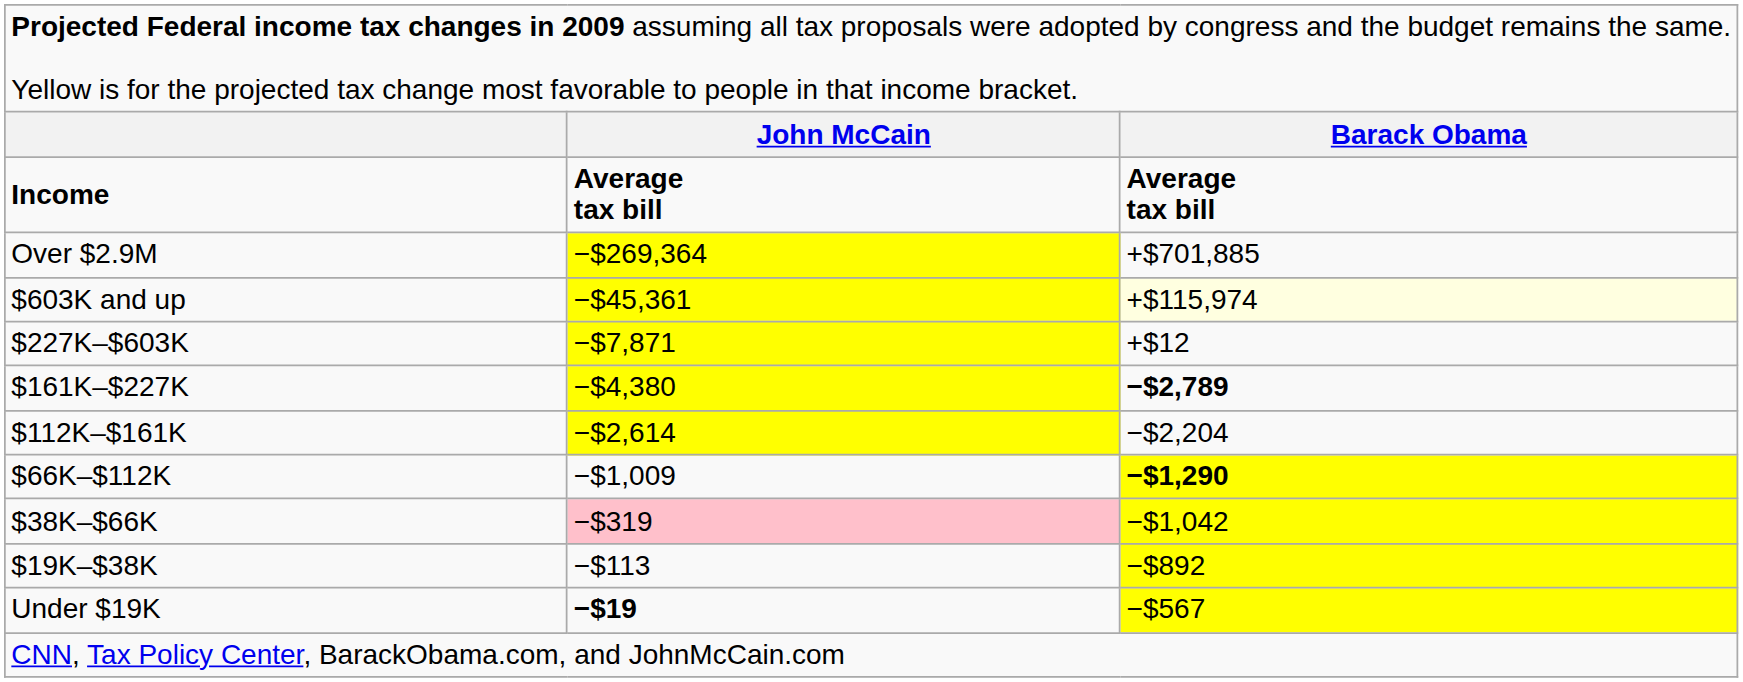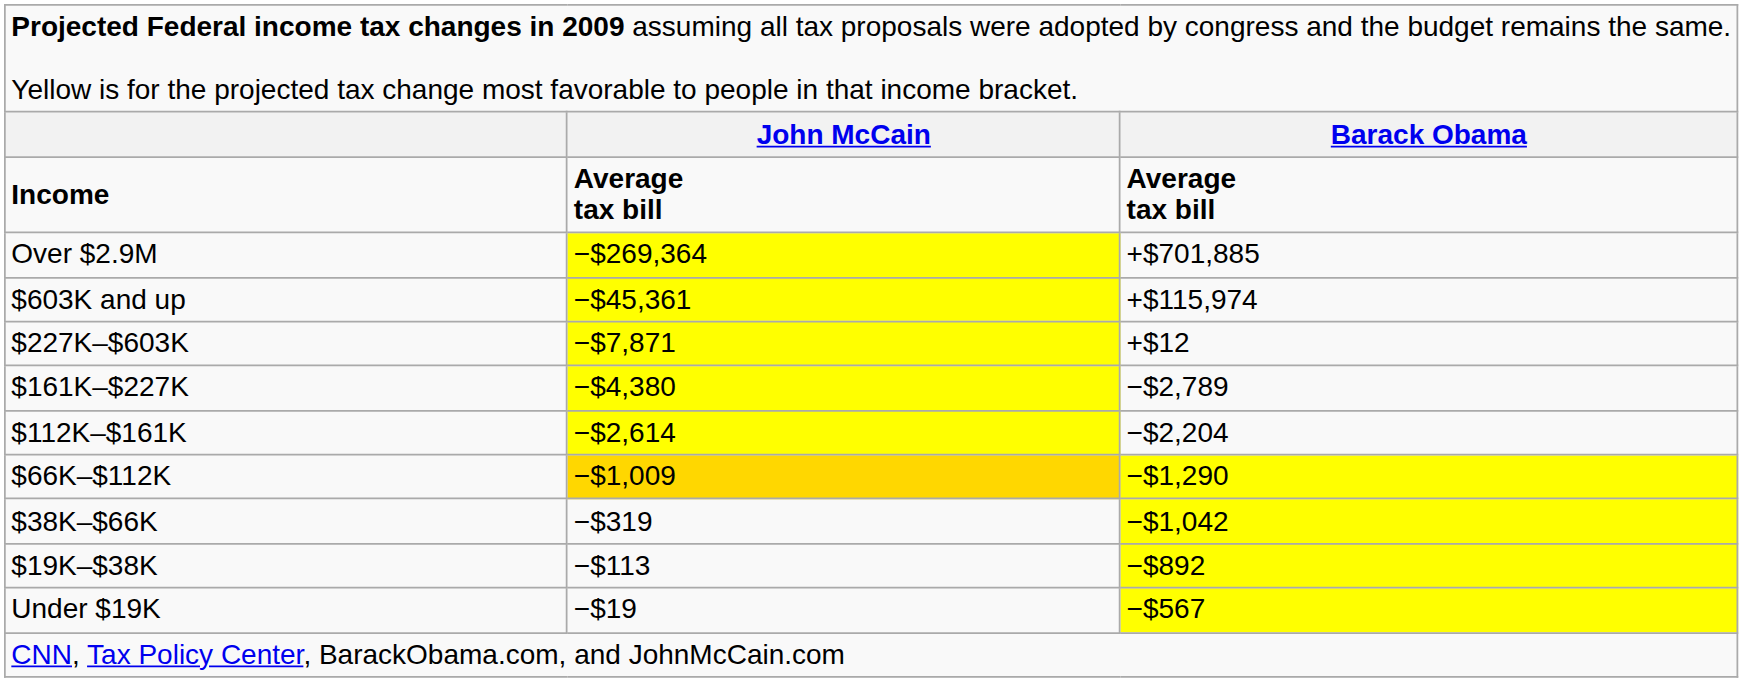 <table class="wikitable" border="1">
 <tr>
 <td colspan=3><strong>Projected Federal income tax changes in 2009</strong> assuming all tax proposals were adopted by congress and the budget remains the same.<br><br>Yellow is for the projected tax change most favorable to people in that income bracket.</td>
 </tr>
 <tr>
 <th></th>
 <th><a href='#'>John McCain</a></th>
 <th><a href='#'>Barack Obama</a></th>
 </tr>
 <tr>
 <td><strong>Income</strong></td>
 <td><strong>Average<br> tax bill</strong></td>
 <td><strong>Average<br> tax bill</strong></td>
 </tr>
 <tr>
 <td>Over $2.9M</td>
 <td bgcolor=yellow>−$269,364</td>
 <td>+$701,885</td>
 </tr>
 <tr>
 <td>$603K and up</td>
 <td bgcolor=yellow>−$45,361</td>
-<td style="background: lightyellow;">+$115,974</td>
+<td>+$115,974</td>
 </tr>
 <tr>
 <td>$227K–$603K</td>
 <td bgcolor=yellow>−$7,871</td>
 <td>+$12</td>
 </tr>
 <tr>
 <td>$161K–$227K</td>
 <td bgcolor=yellow>−$4,380</td>
-<td><strong>−$2,789</strong></td>
+<td>−$2,789</td>
 </tr>
 <tr>
 <td>$112K–$161K</td>
 <td bgcolor=yellow>−$2,614</td>
 <td>−$2,204</td>
 </tr>
 <tr>
 <td>$66K–$112K</td>
-<td>−$1,009</td>
-<td bgcolor=yellow><strong>−$1,290</strong></td>
+<td style="background: gold;">−$1,009</td>
+<td bgcolor=yellow>−$1,290</td>
 </tr>
 <tr>
 <td>$38K–$66K</td>
-<td style="background: pink;">−$319</td>
+<td>−$319</td>
 <td bgcolor=yellow>−$1,042</td>
 </tr>
 <tr>
 <td>$19K–$38K</td>
 <td>−$113</td>
 <td bgcolor=yellow>−$892</td>
 </tr>
 <tr>
 <td>Under $19K</td>
-<td><strong>−$19</strong></td>
+<td>−$19</td>
 <td bgcolor=yellow>−$567</td>
 </tr>
 <tr>
 <td colspan=3><a href='#'>CNN</a>, <a href='#'>Tax Policy Center</a>, BarackObama.com, and JohnMcCain.com</td>
 </tr>
 </table>
